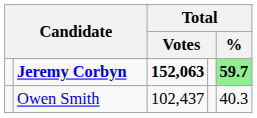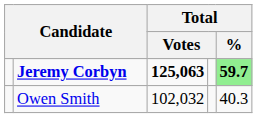 <table class="wikitable" style="font-size:95%;">
 <tr>
 <th colspan="2" scope="col" rowspan="2" width="125">Candidate</th>
 <th scope="col" colspan="3" width="75">Total</th>
 </tr>
 <tr>
 <th scope="col" colspan="2">Votes</th>
 <th>%</th>
 </tr>
 <tr align="right">
 <td style="background-color: "></td>
 <td scope="row" align="left"><strong><a href='#'>Jeremy Corbyn</a></strong></td>
-<td><strong>152,063</strong></td>
+<td><strong>125,063</strong></td>
 <td align=center></td>
 <td style="background: lightgreen;"><strong>59.7</strong></td>
 </tr>
 <tr align="right">
 <td style="background-color: "></td>
 <td scope="row" align="left"><a href='#'>Owen Smith</a></td>
-<td>102,437</td>
+<td>102,032</td>
 <td align=center></td>
 <td>40.3</td>
 </tr>
 </table>
